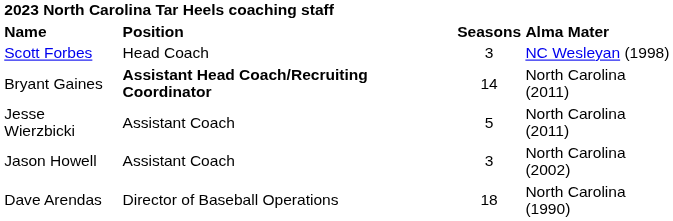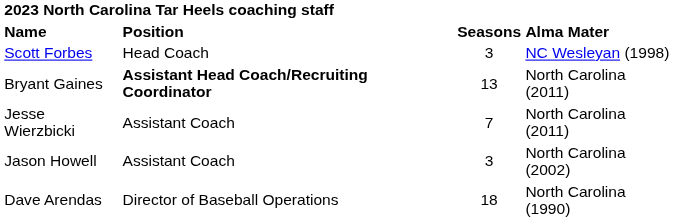 <table class="toccolours" style="text-align: left; font-size:90%;">
 <tr>
 <th colspan="9">2023 North Carolina Tar Heels coaching staff</th>
 </tr>
 <tr>
 <th>Name</th>
 <th>Position</th>
 <th>Seasons</th>
 <th>Alma Mater</th>
 </tr>
 <tr>
 <td><a href='#'>Scott Forbes</a></td>
 <td>Head Coach</td>
 <td align=center>3</td>
 <td><a href='#'>NC Wesleyan</a> (1998)</td>
 </tr>
 <tr>
 <td>Bryant Gaines</td>
 <td><strong>Assistant Head Coach/Recruiting Coordinator</strong></td>
-<td align=center>14</td>
+<td align=center>13</td>
 <td>North Carolina (2011)</td>
 </tr>
 <tr>
 <td>Jesse Wierzbicki</td>
 <td>Assistant Coach</td>
-<td align=center>5</td>
+<td align=center>7</td>
 <td>North Carolina (2011)</td>
 </tr>
 <tr>
 <td>Jason Howell</td>
 <td>Assistant Coach</td>
 <td align=center>3</td>
 <td>North Carolina (2002)</td>
 </tr>
 <tr>
 <td>Dave Arendas</td>
 <td>Director of Baseball Operations</td>
 <td align=center>18</td>
 <td>North Carolina (1990)</td>
 </tr>
 </table>
